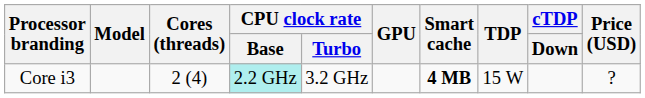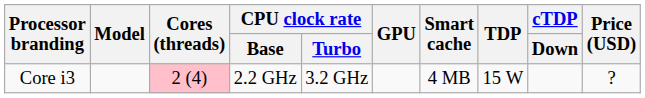 <table class="wikitable sortable" style="text-align:center;" data-ve-attributes="{">
 <tr>
 <th rowspan="2">Processor <br>branding</th>
 <th rowspan="2">Model</th>
 <th rowspan="2">Cores <br>(threads)</th>
 <th colspan="2">CPU <a href='#'>clock rate</a></th>
 <th rowspan="2">GPU</th>
 <th rowspan="2">Smart <br>cache</th>
 <th rowspan="2">TDP</th>
 <th><a href='#'>cTDP</a></th>
 <th rowspan="2">Price <br>(USD)</th>
 </tr>
 <tr>
 <th>Base</th>
 <th><a href='#'>Turbo</a></th>
 <th>Down</th>
 </tr>
 <tr>
 <td>Core i3</td>
 <td></td>
-<td>2 (4)</td>
-<td style="background: paleturquoise;">2.2 GHz</td>
+<td style="background: pink;">2 (4)</td>
+<td>2.2 GHz</td>
 <td>3.2 GHz</td>
 <td></td>
-<td><strong>4 MB</strong></td>
+<td>4 MB</td>
 <td>15 W</td>
 <td></td>
 <td>?</td>
 </tr>
 </table>
